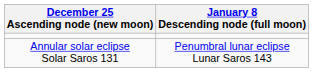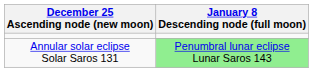 <table class="wikitable">
 <tr>
 <th><a href='#'>December 25</a><br>Ascending node (new moon)<br></th>
 <th><a href='#'>January 8</a><br>Descending node (full moon)</th>
 </tr>
 <tr>
 <td></td>
 <td></td>
 </tr>
 <tr align=center>
 <td><a href='#'>Annular solar eclipse</a><br>Solar Saros 131</td>
-<td><a href='#'>Penumbral lunar eclipse</a><br>Lunar Saros 143</td>
+<td style="background: lightgreen;"><a href='#'>Penumbral lunar eclipse</a><br>Lunar Saros 143</td>
 </tr>
 </table>
